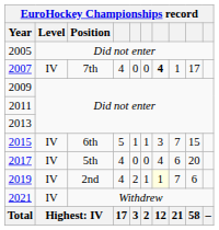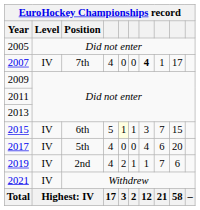 <table class="wikitable" style="text-align: center;">
 <tr>
 <th colspan=11><a href='#'>EuroHockey Championships</a> record</th>
 </tr>
 <tr>
 <th>Year</th>
 <th>Level</th>
 <th>Position</th>
 <th></th>
 <th></th>
 <th></th>
 <th></th>
 <th></th>
 <th></th>
 <th></th>
 </tr>
 <tr>
 <td>2005</td>
 <td colspan=9><em>Did not enter</em></td>
 </tr>
 <tr>
 <td> <a href='#'>2007</a></td>
 <td>IV</td>
 <td>7th</td>
 <td>4</td>
 <td>0</td>
 <td>0</td>
 <td><strong>4</strong></td>
 <td>1</td>
 <td>17</td>
 <td></td>
 </tr>
 <tr>
 <td>2009</td>
 <td colspan=9 rowspan=3><em>Did not enter</em></td>
 </tr>
 <tr>
 <td>2011</td>
 </tr>
 <tr>
 <td>2013</td>
 </tr>
 <tr>
 <td> <a href='#'>2015</a></td>
 <td>IV</td>
 <td>6th</td>
 <td>5</td>
-<td>1</td>
+<td style="background: lightyellow;">1</td>
 <td>1</td>
 <td>3</td>
 <td>7</td>
 <td>15</td>
 <td></td>
 </tr>
 <tr>
 <td> <a href='#'>2017</a></td>
 <td>IV</td>
 <td>5th</td>
 <td>4</td>
 <td>0</td>
 <td>0</td>
 <td>4</td>
 <td>6</td>
 <td>20</td>
 <td></td>
 </tr>
 <tr>
 <td> <a href='#'>2019</a></td>
 <td>IV</td>
 <td>2nd</td>
 <td>4</td>
 <td>2</td>
 <td>1</td>
-<td style="background: lightyellow;">1</td>
+<td>1</td>
 <td>7</td>
 <td>6</td>
 <td></td>
 </tr>
 <tr>
 <td> <a href='#'>2021</a></td>
 <td>IV</td>
 <td colspan=8><em>Withdrew</em></td>
 </tr>
 <tr>
 <th>Total</th>
 <th colspan=2>Highest: IV</th>
 <th>17</th>
 <th>3</th>
 <th>2</th>
 <th>12</th>
 <th>21</th>
 <th>58</th>
 <th>–</th>
 </tr>
 </table>
